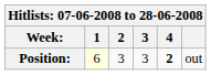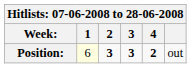 <table class="wikitable" style="text-align:center;">
 <tr>
 <th colspan="6">Hitlists: 07-06-2008 to 28-06-2008</th>
 </tr>
 <tr>
 <th>Week:</th>
 <th style="width:1.32em;">1</th>
 <th style="width:1.32em;">2</th>
 <th style="width:1.32em;">3</th>
 <th style="width:1.32em;">4</th>
 <th style="width:1.32em;"></th>
 </tr>
 <tr>
 <th>Position:</th>
 <td style="background: lightyellow;">6</td>
-<td>3</td>
-<td>3</td>
+<td><strong>3</strong></td>
+<td><strong>3</strong></td>
 <td><strong>2</strong></td>
 <td>out</td>
 </tr>
 </table>
